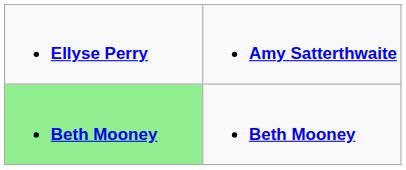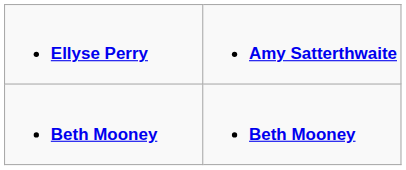 <table class=wikitable>
 <tr>
 <td valign="top" width="50%"><br><ul><li><strong> <a href='#'>Ellyse Perry</a></strong></li></ul></td>
 <td valign="top" width="50%"><br><ul><li><strong> <a href='#'>Amy Satterthwaite</a></strong></li></ul></td>
 </tr>
 <tr>
-<td valign="top" width="50%" style="background: lightgreen;"><br><ul><li><strong> <a href='#'>Beth Mooney</a></strong></li></ul></td>
+<td valign="top" width="50%"><br><ul><li><strong> <a href='#'>Beth Mooney</a></strong></li></ul></td>
 <td valign="top" width="50%"><br><ul><li><strong> <a href='#'>Beth Mooney</a></strong></li></ul></td>
 </tr>
 </table>
